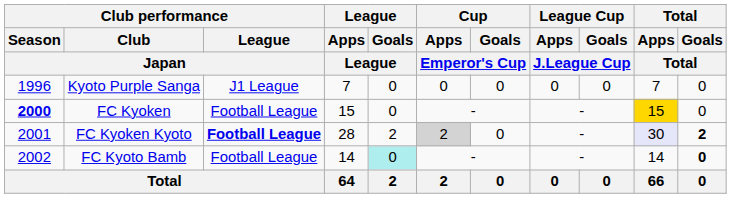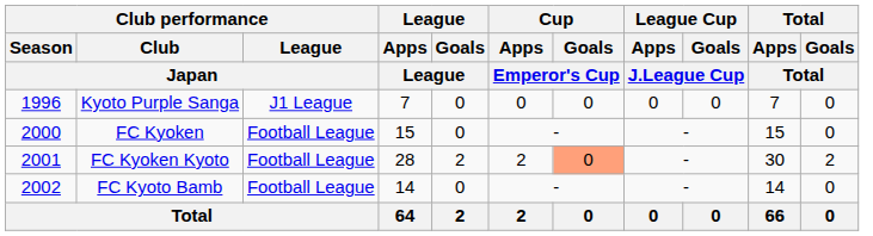 <table class="wikitable" style="text-align:center;">
 <tr>
 <th colspan=3>Club performance</th>
 <th colspan=2>League</th>
 <th colspan=2>Cup</th>
 <th colspan=2>League Cup</th>
 <th colspan=2>Total</th>
 </tr>
 <tr>
 <th>Season</th>
 <th>Club</th>
 <th>League</th>
 <th>Apps</th>
 <th>Goals</th>
 <th>Apps</th>
 <th>Goals</th>
 <th>Apps</th>
 <th>Goals</th>
 <th>Apps</th>
 <th>Goals</th>
 </tr>
 <tr>
 <th colspan=3>Japan</th>
 <th colspan=2>League</th>
 <th colspan=2><a href='#'>Emperor's Cup</a></th>
 <th colspan=2><a href='#'>J.League Cup</a></th>
 <th colspan=2>Total</th>
 </tr>
 <tr>
 <td><a href='#'>1996</a></td>
 <td><a href='#'>Kyoto Purple Sanga</a></td>
 <td><a href='#'>J1 League</a></td>
 <td>7</td>
 <td>0</td>
 <td>0</td>
 <td>0</td>
 <td>0</td>
 <td>0</td>
 <td>7</td>
 <td>0</td>
 </tr>
 <tr>
-<td><strong><a href='#'>2000</a></strong></td>
+<td><a href='#'>2000</a></td>
 <td><a href='#'>FC Kyoken</a></td>
 <td><a href='#'>Football League</a></td>
 <td>15</td>
 <td>0</td>
 <td colspan="2">-</td>
 <td colspan="2">-</td>
-<td style="background: gold;">15</td>
+<td>15</td>
 <td>0</td>
 </tr>
 <tr>
 <td><a href='#'>2001</a></td>
 <td><a href='#'>FC Kyoken Kyoto</a></td>
-<td><strong><a href='#'>Football League</a></strong></td>
+<td><a href='#'>Football League</a></td>
 <td>28</td>
 <td>2</td>
-<td style="background: lightgrey;">2</td>
-<td>0</td>
+<td>2</td>
+<td style="background: lightsalmon;">0</td>
 <td colspan="2">-</td>
-<td style="background: lavender;">30</td>
-<td><strong>2</strong></td>
+<td>30</td>
+<td>2</td>
 </tr>
 <tr>
 <td><a href='#'>2002</a></td>
 <td><a href='#'>FC Kyoto Bamb</a></td>
 <td><a href='#'>Football League</a></td>
 <td>14</td>
-<td style="background: paleturquoise;">0</td>
+<td>0</td>
 <td colspan="2">-</td>
 <td colspan="2">-</td>
 <td>14</td>
-<td><strong>0</strong></td>
+<td>0</td>
 </tr>
 <tr>
 <th colspan=3>Total</th>
 <th>64</th>
 <th>2</th>
 <th>2</th>
 <th>0</th>
 <th>0</th>
 <th>0</th>
 <th>66</th>
 <th>0</th>
 </tr>
 </table>
